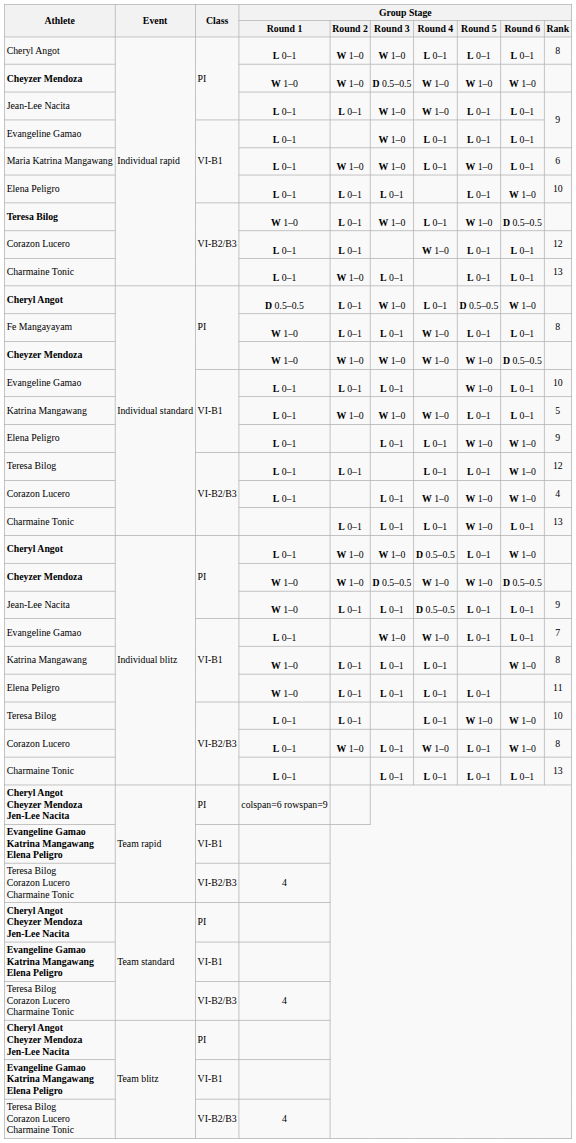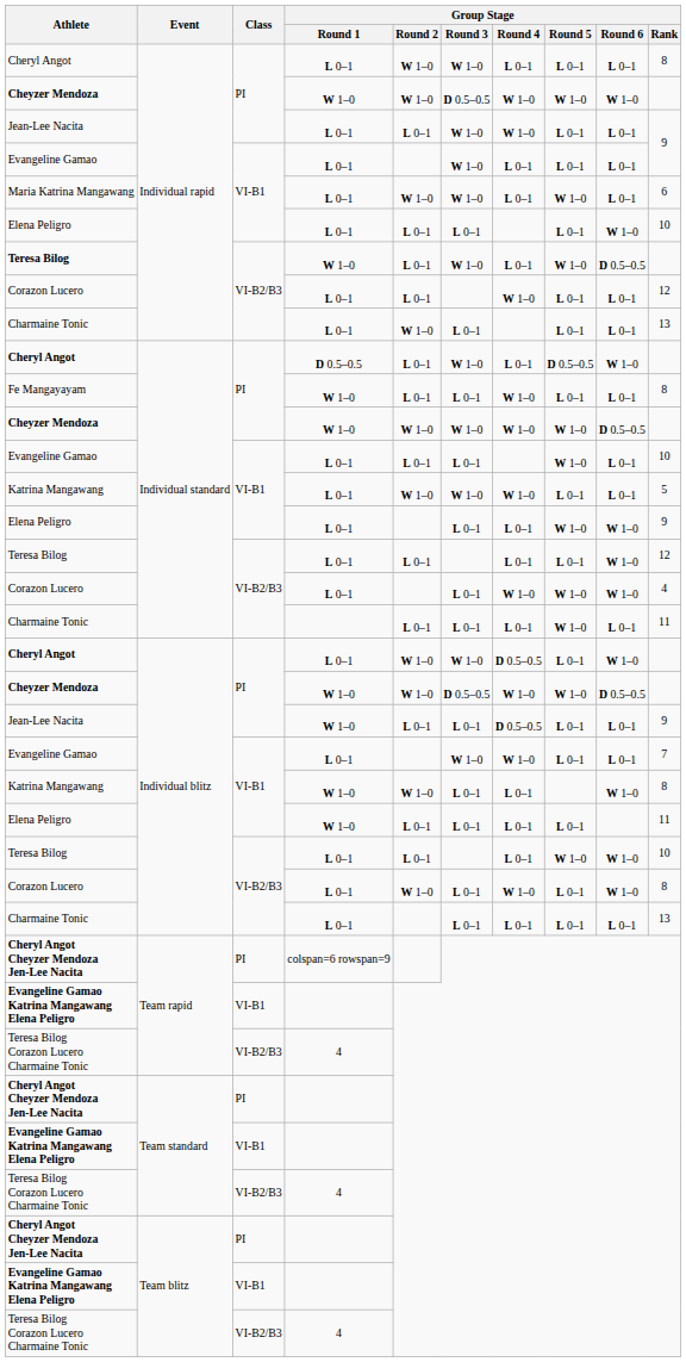 <table class="wikitable" style="font-size:90%">
 <tr>
 <th rowspan=2>Athlete</th>
 <th rowspan=2>Event</th>
 <th rowspan=2>Class</th>
 <th colspan=7>Group Stage</th>
 </tr>
 <tr style="font-size:70", align="center">
 <th>Round 1</th>
 <th>Round 2</th>
 <th>Round 3</th>
 <th>Round 4</th>
 <th>Round 5</th>
 <th>Round 6</th>
 <th>Rank</th>
 </tr>
 <tr align=center>
 <td align=left>Cheryl Angot</td>
 <td rowspan=9 align=left>Individual rapid</td>
 <td rowspan=3 align=left>PI</td>
 <td><br><strong>L</strong> 0–1</td>
 <td><br><strong>W</strong> 1–0</td>
 <td><br><strong>W</strong> 1–0</td>
 <td><br><strong>L</strong> 0–1</td>
 <td><br><strong>L</strong> 0–1</td>
 <td><br><strong>L</strong> 0–1</td>
 <td>8</td>
 </tr>
 <tr align=center>
 <td align=left><strong>Cheyzer Mendoza</strong></td>
 <td><br><strong>W</strong> 1–0</td>
 <td><br><strong>W</strong> 1–0</td>
 <td><br><strong>D</strong> 0.5–0.5</td>
 <td><br><strong>W</strong> 1–0</td>
 <td><br><strong>W</strong> 1–0</td>
 <td><br><strong>W</strong> 1–0</td>
 <td></td>
 </tr>
 <tr align=center>
 <td align=left>Jean-Lee Nacita</td>
 <td><br><strong>L</strong> 0–1</td>
 <td><br><strong>L</strong> 0–1</td>
 <td><br><strong>W</strong> 1–0</td>
 <td><br><strong>W</strong> 1–0</td>
 <td><br><strong>L</strong> 0–1</td>
 <td><br><strong>L</strong> 0–1</td>
 <td rowspan=2>9</td>
 </tr>
 <tr align=center>
 <td align=left>Evangeline Gamao</td>
 <td rowspan=3 align=left>VI-B1</td>
 <td><br><strong>L</strong> 0–1</td>
 <td></td>
 <td><br><strong>W</strong> 1–0</td>
 <td><br><strong>L</strong> 0–1</td>
 <td><br><strong>L</strong> 0–1</td>
 <td><br><strong>L</strong> 0–1</td>
 </tr>
 <tr align=center>
 <td align=left>Maria Katrina Mangawang</td>
 <td><br><strong>L</strong> 0–1</td>
 <td><br><strong>W</strong> 1–0</td>
 <td><br><strong>W</strong> 1–0</td>
 <td><br><strong>L</strong> 0–1</td>
 <td><br><strong>W</strong> 1–0</td>
 <td><br><strong>L</strong> 0–1</td>
 <td>6</td>
 </tr>
 <tr align=center>
 <td align=left>Elena Peligro</td>
 <td><br><strong>L</strong> 0–1</td>
 <td><br><strong>L</strong> 0–1</td>
 <td><br><strong>L</strong> 0–1</td>
 <td></td>
 <td><br><strong>L</strong> 0–1</td>
 <td><br><strong>W</strong> 1–0</td>
 <td>10</td>
 </tr>
 <tr align=center>
 <td align=left><strong>Teresa Bilog</strong></td>
 <td rowspan=3 align=left>VI-B2/B3</td>
 <td><br><strong>W</strong> 1–0</td>
 <td><br><strong>L</strong> 0–1</td>
 <td><br><strong>W</strong> 1–0</td>
 <td><br><strong>L</strong> 0–1</td>
 <td><br><strong>W</strong> 1–0</td>
 <td><br><strong>D</strong> 0.5–0.5</td>
 <td></td>
 </tr>
 <tr align=center>
 <td align=left>Corazon Lucero</td>
 <td><br><strong>L</strong> 0–1</td>
 <td><br><strong>L</strong> 0–1</td>
 <td></td>
 <td><br><strong>W</strong> 1–0</td>
 <td><br><strong>L</strong> 0–1</td>
 <td><br><strong>L</strong> 0–1</td>
 <td>12</td>
 </tr>
 <tr align=center>
 <td align=left>Charmaine Tonic</td>
 <td><br><strong>L</strong> 0–1</td>
 <td><br><strong>W</strong> 1–0</td>
 <td><br><strong>L</strong> 0–1</td>
 <td></td>
 <td><br><strong>L</strong> 0–1</td>
 <td><br><strong>L</strong> 0–1</td>
 <td>13</td>
 </tr>
 <tr align=center>
 <td align=left><strong>Cheryl Angot</strong></td>
 <td rowspan=9 align=left>Individual standard</td>
 <td rowspan=3 align=left>PI</td>
 <td><br><strong>D</strong> 0.5–0.5</td>
 <td><br><strong>L</strong> 0–1</td>
 <td><br><strong>W</strong> 1–0</td>
 <td><br><strong>L</strong> 0–1</td>
 <td><br><strong>D</strong> 0.5–0.5</td>
 <td><br><strong>W</strong> 1–0</td>
 <td></td>
 </tr>
 <tr align=center>
 <td align=left>Fe Mangayayam</td>
 <td><br><strong>W</strong> 1–0</td>
 <td><br><strong>L</strong> 0–1</td>
 <td><br><strong>L</strong> 0–1</td>
 <td><br><strong>W</strong> 1–0</td>
 <td><br><strong>L</strong> 0–1</td>
 <td><br><strong>L</strong> 0–1</td>
 <td>8</td>
 </tr>
 <tr align=center>
 <td align=left><strong>Cheyzer Mendoza</strong></td>
 <td><br><strong>W</strong> 1–0</td>
 <td><br><strong>W</strong> 1–0</td>
 <td><br><strong>W</strong> 1–0</td>
 <td><br><strong>W</strong> 1–0</td>
 <td><br><strong>W</strong> 1–0</td>
 <td><br><strong>D</strong> 0.5–0.5</td>
 <td></td>
 </tr>
 <tr align=center>
 <td align=left>Evangeline Gamao</td>
 <td rowspan=3 align=left>VI-B1</td>
 <td><br><strong>L</strong> 0–1</td>
 <td><br><strong>L</strong> 0–1</td>
 <td><br><strong>L</strong> 0–1</td>
 <td></td>
 <td><br><strong>W</strong> 1–0</td>
 <td><br><strong>L</strong> 0–1</td>
 <td>10</td>
 </tr>
 <tr align=center>
 <td align=left>Katrina Mangawang</td>
 <td><br><strong>L</strong> 0–1</td>
 <td><br><strong>W</strong> 1–0</td>
 <td><br><strong>W</strong> 1–0</td>
 <td><br><strong>W</strong> 1–0</td>
 <td><br><strong>L</strong> 0–1</td>
 <td><br><strong>L</strong> 0–1</td>
 <td>5</td>
 </tr>
 <tr align=center>
 <td align=left>Elena Peligro</td>
 <td><br><strong>L</strong> 0–1</td>
 <td></td>
 <td><br><strong>L</strong> 0–1</td>
 <td><br><strong>L</strong> 0–1</td>
 <td><br><strong>W</strong> 1–0</td>
 <td><br><strong>W</strong> 1–0</td>
 <td>9</td>
 </tr>
 <tr align=center>
 <td align=left>Teresa Bilog</td>
 <td rowspan=3 align=left>VI-B2/B3</td>
 <td><br><strong>L</strong> 0–1</td>
 <td><br><strong>L</strong> 0–1</td>
 <td></td>
 <td><br><strong>L</strong> 0–1</td>
 <td><br><strong>L</strong> 0–1</td>
 <td><br><strong>W</strong> 1–0</td>
 <td>12</td>
 </tr>
 <tr align=center>
 <td align=left>Corazon Lucero</td>
 <td><br><strong>L</strong> 0–1</td>
 <td></td>
 <td><br><strong>L</strong> 0–1</td>
 <td><br><strong>W</strong> 1–0</td>
 <td><br><strong>W</strong> 1–0</td>
 <td><br><strong>W</strong> 1–0</td>
 <td>4</td>
 </tr>
 <tr align=center>
 <td align=left>Charmaine Tonic</td>
 <td></td>
 <td><br><strong>L</strong> 0–1</td>
 <td><br><strong>L</strong> 0–1</td>
 <td><br><strong>L</strong> 0–1</td>
 <td><br><strong>W</strong> 1–0</td>
 <td><br><strong>L</strong> 0–1</td>
-<td>13</td>
+<td>11</td>
 </tr>
 <tr align=center>
 <td align=left><strong>Cheryl Angot</strong></td>
 <td rowspan=9 align=left>Individual blitz</td>
 <td rowspan=3 align=left>PI</td>
 <td><br><strong>L</strong> 0–1</td>
 <td><br><strong>W</strong> 1–0</td>
 <td><br><strong>W</strong> 1–0</td>
 <td><br><strong>D</strong> 0.5–0.5</td>
 <td><br><strong>L</strong> 0–1</td>
 <td><br><strong>W</strong> 1–0</td>
 <td></td>
 </tr>
 <tr align=center>
 <td align=left><strong>Cheyzer Mendoza</strong></td>
 <td><br><strong>W</strong> 1–0</td>
 <td><br><strong>W</strong> 1–0</td>
 <td><br><strong>D</strong> 0.5–0.5</td>
 <td><br><strong>W</strong> 1–0</td>
 <td><br><strong>W</strong> 1–0</td>
 <td><br><strong>D</strong> 0.5–0.5</td>
 <td></td>
 </tr>
 <tr align=center>
 <td align=left>Jean-Lee Nacita</td>
 <td><br><strong>W</strong> 1–0</td>
 <td><br><strong>L</strong> 0–1</td>
 <td><br><strong>L</strong> 0–1</td>
 <td><br><strong>D</strong> 0.5–0.5</td>
 <td><br><strong>L</strong> 0–1</td>
 <td><br><strong>L</strong> 0–1</td>
 <td>9</td>
 </tr>
 <tr align=center>
 <td align=left>Evangeline Gamao</td>
 <td rowspan=3 align=left>VI-B1</td>
 <td><br><strong>L</strong> 0–1</td>
 <td></td>
 <td><br><strong>W</strong> 1–0</td>
 <td><br><strong>W</strong> 1–0</td>
 <td><br><strong>L</strong> 0–1</td>
 <td><br><strong>L</strong> 0–1</td>
 <td>7</td>
 </tr>
 <tr align=center>
 <td align=left>Katrina Mangawang</td>
 <td><br><strong>W</strong> 1–0</td>
-<td><br><strong>L</strong> 0–1</td>
+<td><br><strong>W</strong> 1–0</td>
 <td><br><strong>L</strong> 0–1</td>
 <td><br><strong>L</strong> 0–1</td>
 <td></td>
 <td><br><strong>W</strong> 1–0</td>
 <td>8</td>
 </tr>
 <tr align=center>
 <td align=left>Elena Peligro</td>
 <td><br><strong>W</strong> 1–0</td>
 <td><br><strong>L</strong> 0–1</td>
 <td><br><strong>L</strong> 0–1</td>
 <td><br><strong>L</strong> 0–1</td>
 <td><br><strong>L</strong> 0–1</td>
 <td></td>
 <td>11</td>
 </tr>
 <tr align=center>
 <td align=left>Teresa Bilog</td>
 <td rowspan=3 align=left>VI-B2/B3</td>
 <td><br><strong>L</strong> 0–1</td>
 <td><br><strong>L</strong> 0–1</td>
 <td></td>
 <td><br><strong>L</strong> 0–1</td>
 <td><br><strong>W</strong> 1–0</td>
 <td><br><strong>W</strong> 1–0</td>
 <td>10</td>
 </tr>
 <tr align=center>
 <td align=left>Corazon Lucero</td>
 <td><br><strong>L</strong> 0–1</td>
 <td><br><strong>W</strong> 1–0</td>
 <td><br><strong>L</strong> 0–1</td>
 <td><br><strong>W</strong> 1–0</td>
 <td><br><strong>L</strong> 0–1</td>
 <td><br><strong>W</strong> 1–0</td>
 <td>8</td>
 </tr>
 <tr align=center>
 <td align=left>Charmaine Tonic</td>
 <td><br><strong>L</strong> 0–1</td>
 <td></td>
 <td><br><strong>L</strong> 0–1</td>
 <td><br><strong>L</strong> 0–1</td>
 <td><br><strong>L</strong> 0–1</td>
 <td><br><strong>L</strong> 0–1</td>
 <td>13</td>
 </tr>
 <tr align=center>
 <td align=left><strong>Cheryl Angot<br>Cheyzer Mendoza<br>Jen-Lee Nacita</strong></td>
 <td rowspan=3 align=left>Team rapid</td>
 <td align=left>PI</td>
 <td>colspan=6 rowspan=9 </td>
 <td></td>
 </tr>
 <tr align=center>
 <td align=left><strong>Evangeline Gamao<br>Katrina Mangawang<br>Elena Peligro</strong></td>
 <td align=left>VI-B1</td>
 <td></td>
 </tr>
 <tr align=center>
 <td align=left>Teresa Bilog<br>Corazon Lucero<br>Charmaine Tonic</td>
 <td align=left>VI-B2/B3</td>
 <td>4</td>
 </tr>
 <tr align=center>
 <td align=left><strong>Cheryl Angot<br>Cheyzer Mendoza<br>Jen-Lee Nacita</strong></td>
 <td rowspan=3 align=left>Team standard</td>
 <td align=left>PI</td>
 <td></td>
 </tr>
 <tr align=center>
 <td align=left><strong>Evangeline Gamao<br>Katrina Mangawang<br>Elena Peligro</strong></td>
 <td align=left>VI-B1</td>
 <td></td>
 </tr>
 <tr align=center>
 <td align=left>Teresa Bilog<br>Corazon Lucero<br>Charmaine Tonic</td>
 <td align=left>VI-B2/B3</td>
 <td>4</td>
 </tr>
 <tr align=center>
 <td align=left><strong>Cheryl Angot<br>Cheyzer Mendoza<br>Jen-Lee Nacita</strong></td>
 <td rowspan=3 align=left>Team blitz</td>
 <td align=left>PI</td>
 <td></td>
 </tr>
 <tr align=center>
 <td align=left><strong>Evangeline Gamao<br>Katrina Mangawang<br>Elena Peligro</strong></td>
 <td align=left>VI-B1</td>
 <td></td>
 </tr>
 <tr align=center>
 <td align=left>Teresa Bilog<br>Corazon Lucero<br>Charmaine Tonic</td>
 <td align=left>VI-B2/B3</td>
 <td>4</td>
 </tr>
 </table>
